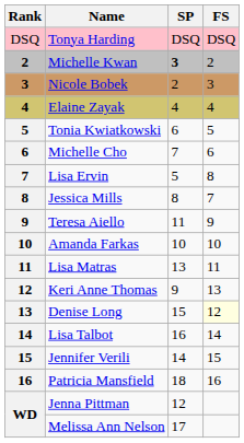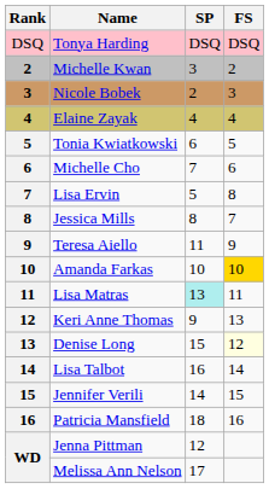 <table class="wikitable">
 <tr>
 <th>Rank</th>
 <th>Name</th>
 <th>SP</th>
 <th>FS</th>
 </tr>
 <tr bgcolor="pink">
 <td align="center">DSQ</td>
 <td><a href='#'>Tonya Harding</a></td>
 <td>DSQ</td>
 <td>DSQ</td>
 </tr>
 <tr bgcolor="silver">
 <td align="center"><strong>2</strong></td>
 <td><a href='#'>Michelle Kwan</a></td>
-<td><strong>3</strong></td>
+<td>3</td>
 <td>2</td>
 </tr>
 <tr bgcolor="cc9966">
 <td align="center"><strong>3</strong></td>
 <td><a href='#'>Nicole Bobek</a></td>
 <td>2</td>
 <td>3</td>
 </tr>
 <tr bgcolor="#d1c571">
 <td align="center"><strong>4</strong></td>
 <td><a href='#'>Elaine Zayak</a></td>
 <td>4</td>
 <td>4</td>
 </tr>
 <tr>
 <th>5</th>
 <td><a href='#'>Tonia Kwiatkowski</a></td>
 <td>6</td>
 <td>5</td>
 </tr>
 <tr>
 <th>6</th>
 <td><a href='#'>Michelle Cho</a></td>
 <td>7</td>
 <td>6</td>
 </tr>
 <tr>
 <th>7</th>
 <td><a href='#'>Lisa Ervin</a></td>
 <td>5</td>
 <td>8</td>
 </tr>
 <tr>
 <th>8</th>
 <td><a href='#'>Jessica Mills</a></td>
 <td>8</td>
 <td>7</td>
 </tr>
 <tr>
 <th>9</th>
 <td><a href='#'>Teresa Aiello</a></td>
 <td>11</td>
 <td>9</td>
 </tr>
 <tr>
 <th>10</th>
 <td><a href='#'>Amanda Farkas</a></td>
 <td>10</td>
-<td>10</td>
+<td style="background: gold;">10</td>
 </tr>
 <tr>
 <th>11</th>
 <td><a href='#'>Lisa Matras</a></td>
-<td>13</td>
+<td style="background: paleturquoise;">13</td>
 <td>11</td>
 </tr>
 <tr>
 <th>12</th>
 <td><a href='#'>Keri Anne Thomas</a></td>
 <td>9</td>
 <td>13</td>
 </tr>
 <tr>
 <th>13</th>
 <td><a href='#'>Denise Long</a></td>
 <td>15</td>
 <td style="background: lightyellow;">12</td>
 </tr>
 <tr>
 <th>14</th>
 <td><a href='#'>Lisa Talbot</a></td>
 <td>16</td>
 <td>14</td>
 </tr>
 <tr>
 <th>15</th>
 <td><a href='#'>Jennifer Verili</a></td>
 <td>14</td>
 <td>15</td>
 </tr>
 <tr>
 <th>16</th>
 <td><a href='#'>Patricia Mansfield</a></td>
 <td>18</td>
 <td>16</td>
 </tr>
 <tr>
 <th rowspan="2">WD</th>
 <td><a href='#'>Jenna Pittman</a></td>
 <td>12</td>
 <td></td>
 </tr>
 <tr>
 <td><a href='#'>Melissa Ann Nelson</a></td>
 <td>17</td>
 <td></td>
 </tr>
 </table>
